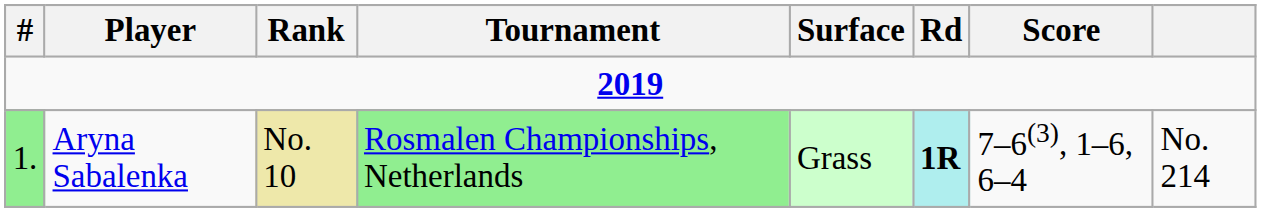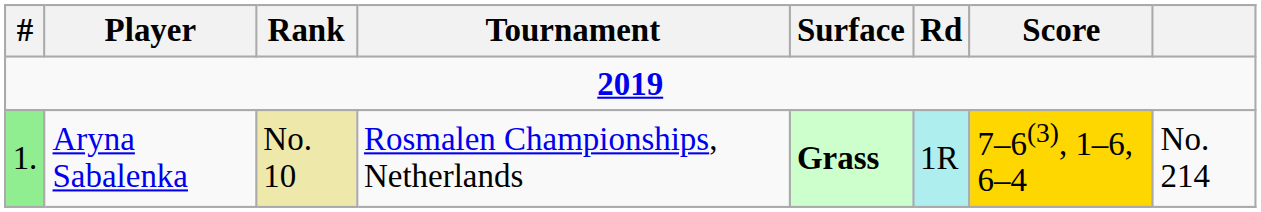 <table class="wikitable sortable">
 <tr>
 <th>#</th>
 <th>Player</th>
 <th>Rank</th>
 <th>Tournament</th>
 <th>Surface</th>
 <th>Rd</th>
 <th>Score</th>
 <th></th>
 </tr>
 <tr>
 <td colspan=8 style=text-align:center><strong><a href='#'>2019</a></strong></td>
 </tr>
 <tr>
 <td style="background: lightgreen;">1.</td>
 <td> <a href='#'>Aryna Sabalenka</a></td>
 <td style="background:#eee8aa;">No. 10</td>
-<td style="background: lightgreen;"><a href='#'>Rosmalen Championships</a>, Netherlands</td>
-<td style="background:#cfc;">Grass</td>
-<td style="background:#afeeee;"><strong>1R</strong></td>
-<td>7–6<sup>(3)</sup>, 1–6, 6–4</td>
+<td><a href='#'>Rosmalen Championships</a>, Netherlands</td>
+<td style="background:#cfc;"><strong>Grass</strong></td>
+<td style="background:#afeeee;">1R</td>
+<td style="background: gold;">7–6<sup>(3)</sup>, 1–6, 6–4</td>
 <td>No. 214</td>
 </tr>
 </table>
